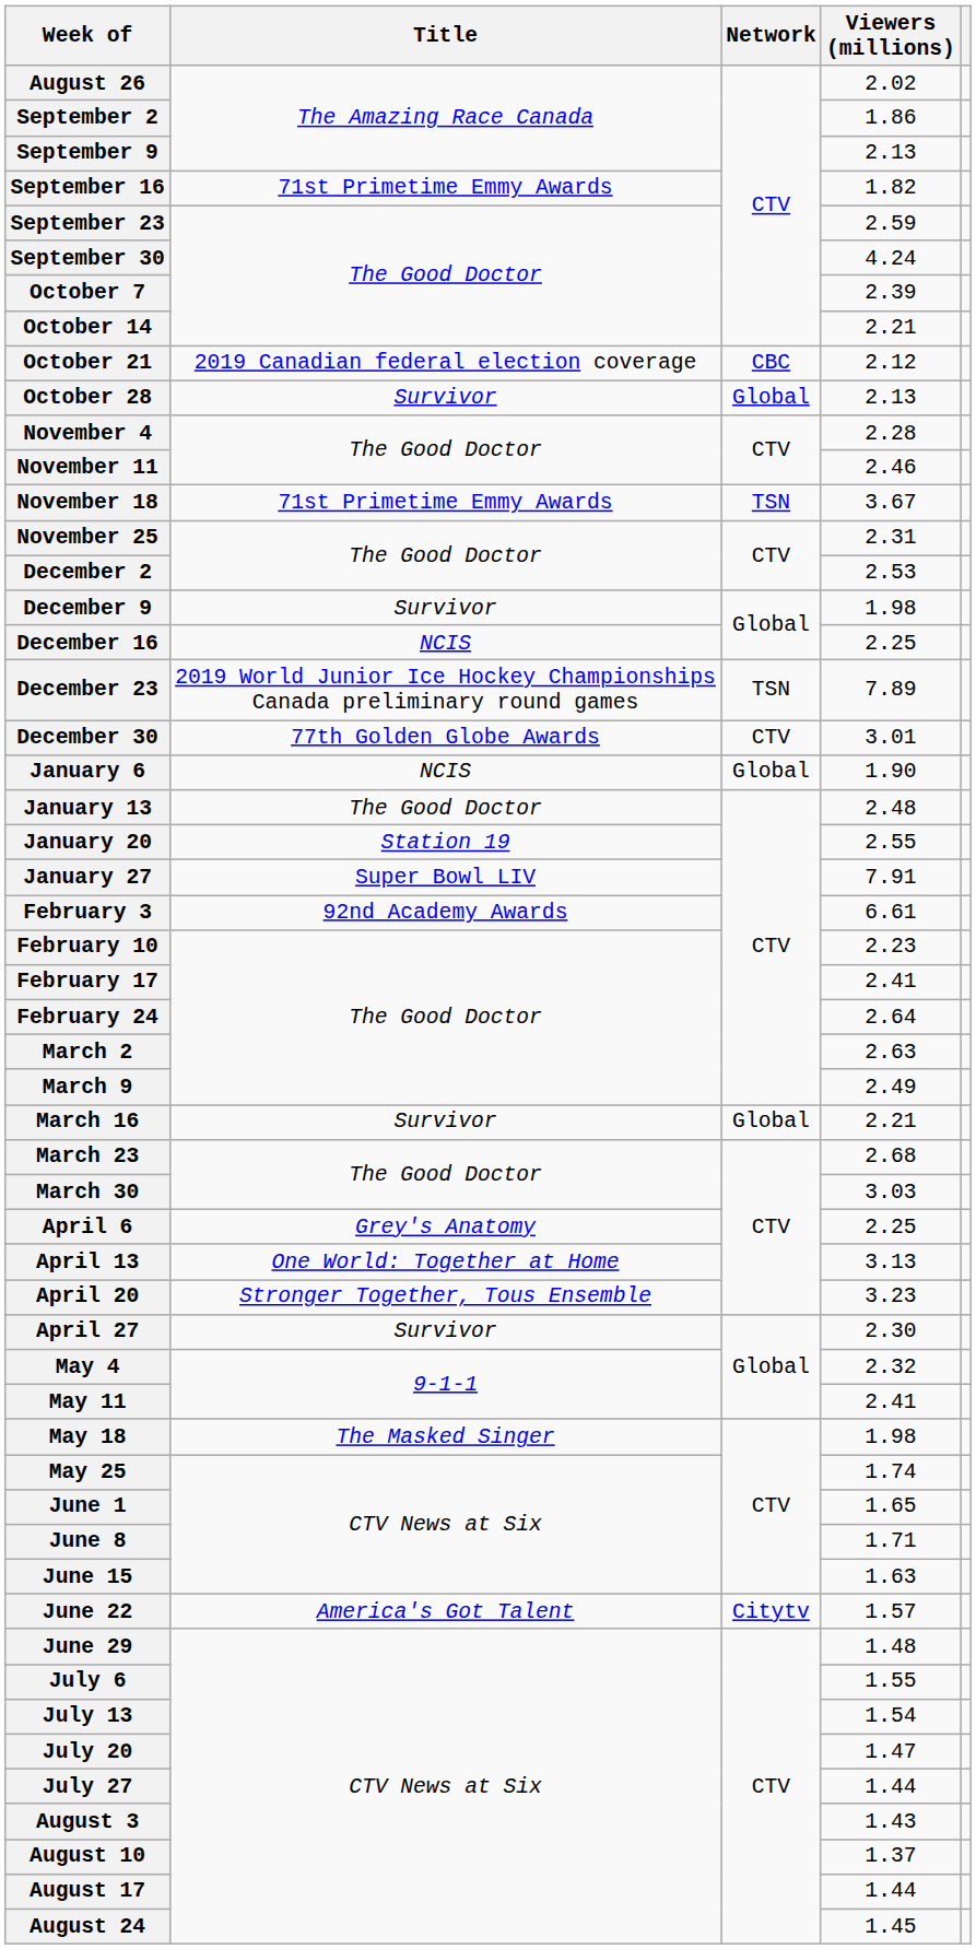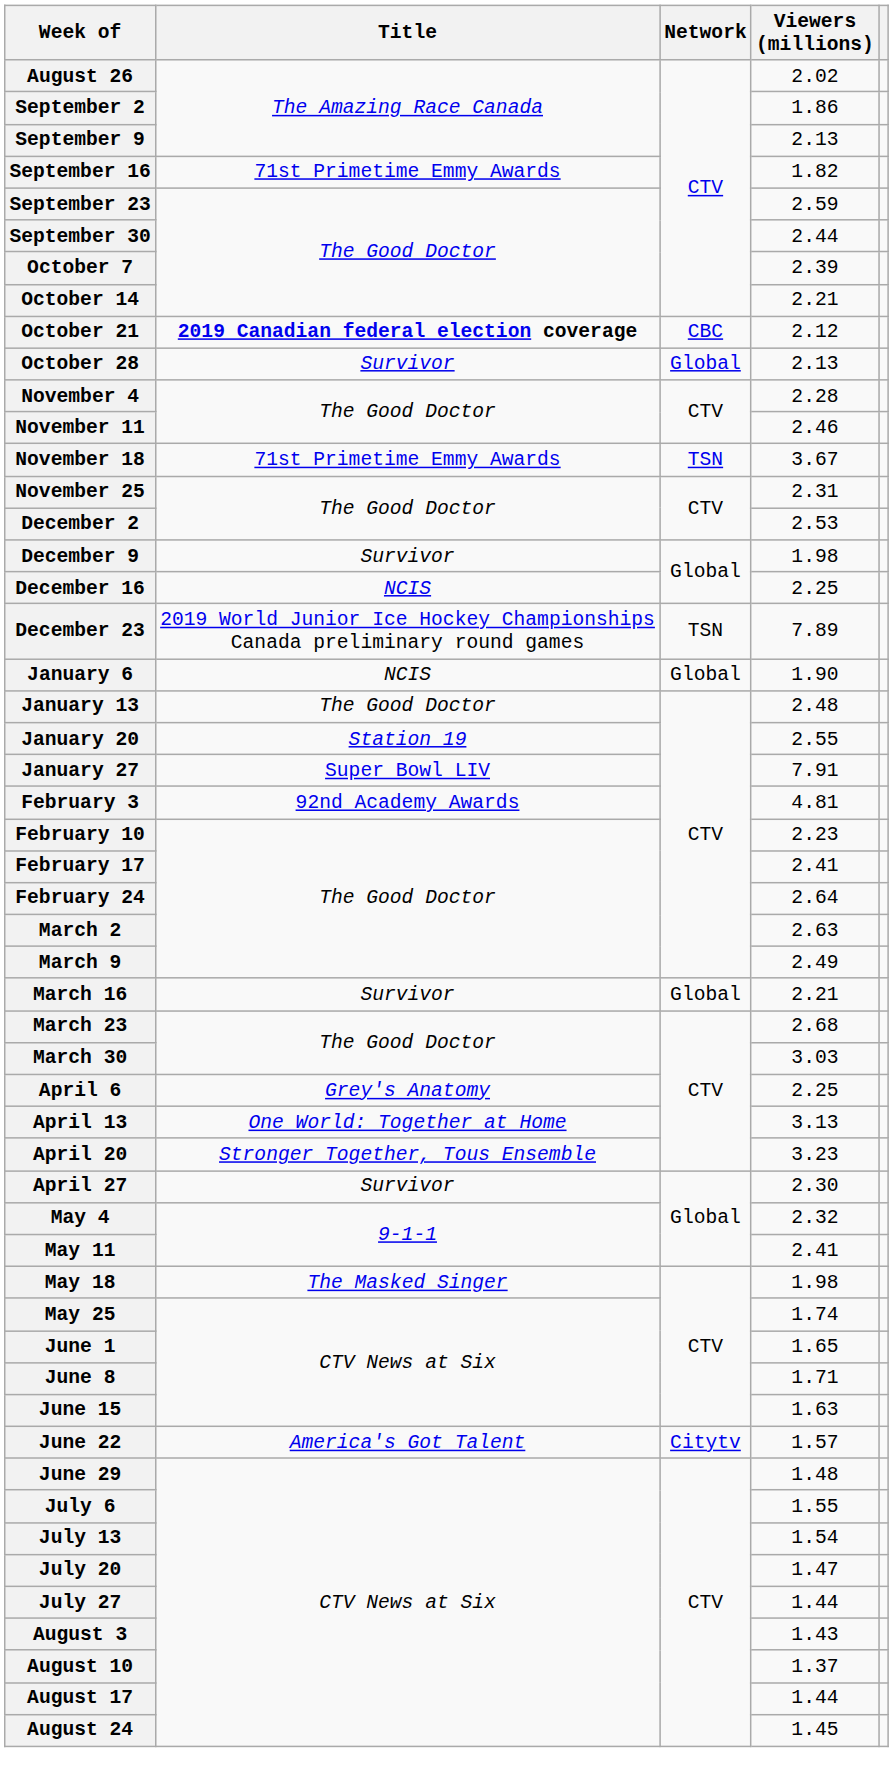 <table class="wikitable plainrowheaders" style="text-align: center; display: inline-table;">
 <tr>
 <th>Week of</th>
 <th>Title</th>
 <th>Network</th>
 <th>Viewers<br>(millions)</th>
 <th></th>
 </tr>
 <tr>
 <th scope="row">August 26</th>
 <td rowspan="3"><em><a href='#'>The Amazing Race Canada</a></em></td>
 <td rowspan="8"><a href='#'>CTV</a></td>
 <td>2.02</td>
 <td></td>
 </tr>
 <tr>
 <th scope="row">September 2</th>
 <td>1.86</td>
 <td></td>
 </tr>
 <tr>
 <th scope="row">September 9</th>
 <td>2.13</td>
 <td></td>
 </tr>
 <tr>
 <th scope="row">September 16</th>
 <td><a href='#'>71st Primetime Emmy Awards</a></td>
 <td>1.82</td>
 <td></td>
 </tr>
 <tr>
 <th scope="row">September 23</th>
 <td rowspan="4"><em><a href='#'>The Good Doctor</a></em></td>
 <td>2.59</td>
 <td></td>
 </tr>
 <tr>
 <th scope="row">September 30</th>
-<td>4.24</td>
+<td>2.44</td>
 <td></td>
 </tr>
 <tr>
 <th scope="row">October 7</th>
 <td>2.39</td>
 <td></td>
 </tr>
 <tr>
 <th scope="row">October 14</th>
 <td>2.21</td>
 <td></td>
 </tr>
 <tr>
 <th scope="row">October 21</th>
-<td><a href='#'>2019 Canadian federal election</a> coverage</td>
+<td><strong><a href='#'>2019 Canadian federal election</a> coverage</strong></td>
 <td><a href='#'>CBC</a></td>
 <td>2.12</td>
 <td></td>
 </tr>
 <tr>
 <th scope="row">October 28</th>
 <td><em><a href='#'>Survivor</a></em></td>
 <td><a href='#'>Global</a></td>
 <td>2.13</td>
 <td></td>
 </tr>
 <tr>
 <th scope="row">November 4</th>
 <td rowspan="2"><em>The Good Doctor</em></td>
 <td rowspan="2">CTV</td>
 <td>2.28</td>
 <td></td>
 </tr>
 <tr>
 <th scope="row">November 11</th>
 <td>2.46</td>
 <td></td>
 </tr>
 <tr>
 <th scope="row">November 18</th>
 <td><a href='#'>71st Primetime Emmy Awards</a></td>
 <td><a href='#'>TSN</a></td>
 <td>3.67</td>
 <td></td>
 </tr>
 <tr>
 <th scope="row">November 25</th>
 <td rowspan="2"><em>The Good Doctor</em></td>
 <td rowspan="2">CTV</td>
 <td>2.31</td>
 <td></td>
 </tr>
 <tr>
 <th scope="row">December 2</th>
 <td>2.53</td>
 <td></td>
 </tr>
 <tr>
 <th scope="row">December 9</th>
 <td><em>Survivor</em></td>
 <td rowspan="2">Global</td>
 <td>1.98</td>
 <td></td>
 </tr>
 <tr>
 <th scope="row">December 16</th>
 <td><em><a href='#'>NCIS</a></em></td>
 <td>2.25</td>
 <td></td>
 </tr>
 <tr>
 <th scope="row">December 23</th>
 <td><a href='#'>2019 World Junior Ice Hockey Championships</a><br>Canada preliminary round games</td>
 <td>TSN</td>
 <td>7.89</td>
 <td></td>
 </tr>
 <tr>
-<th scope="row">December 30</th>
-<td><a href='#'>77th Golden Globe Awards</a></td>
-<td>CTV</td>
-<td>3.01</td>
-<td></td>
-</tr>
-<tr>
 <th scope="row">January 6</th>
 <td><em>NCIS</em></td>
 <td>Global</td>
 <td>1.90</td>
 <td></td>
 </tr>
 <tr>
 <th scope="row">January 13</th>
 <td><em>The Good Doctor</em></td>
 <td rowspan="9">CTV</td>
 <td>2.48</td>
 <td></td>
 </tr>
 <tr>
 <th scope="row">January 20</th>
 <td><em><a href='#'>Station 19</a></em></td>
 <td>2.55</td>
 <td></td>
 </tr>
 <tr>
 <th scope="row">January 27</th>
 <td><a href='#'>Super Bowl LIV</a></td>
 <td>7.91</td>
 <td></td>
 </tr>
 <tr>
 <th scope="row">February 3</th>
 <td><a href='#'>92nd Academy Awards</a></td>
-<td>6.61</td>
+<td>4.81</td>
 <td></td>
 </tr>
 <tr>
 <th scope="row">February 10</th>
 <td rowspan="5"><em>The Good Doctor</em></td>
 <td>2.23</td>
 <td></td>
 </tr>
 <tr>
 <th scope="row">February 17</th>
 <td>2.41</td>
 <td></td>
 </tr>
 <tr>
 <th scope="row">February 24</th>
 <td>2.64</td>
 <td></td>
 </tr>
 <tr>
 <th scope="row">March 2</th>
 <td>2.63</td>
 <td></td>
 </tr>
 <tr>
 <th scope="row">March 9</th>
 <td>2.49</td>
 <td></td>
 </tr>
 <tr>
 <th scope="row">March 16</th>
 <td><em>Survivor</em></td>
 <td>Global</td>
 <td>2.21</td>
 <td></td>
 </tr>
 <tr>
 <th scope="row">March 23</th>
 <td rowspan="2"><em>The Good Doctor</em></td>
 <td rowspan="5">CTV</td>
 <td>2.68</td>
 <td></td>
 </tr>
 <tr>
 <th scope="row">March 30</th>
 <td>3.03</td>
 <td></td>
 </tr>
 <tr>
 <th scope="row">April 6</th>
 <td><em><a href='#'>Grey's Anatomy</a></em></td>
 <td>2.25</td>
 <td></td>
 </tr>
 <tr>
 <th scope="row">April 13</th>
 <td><em><a href='#'>One World: Together at Home</a></em></td>
 <td>3.13</td>
 <td></td>
 </tr>
 <tr>
 <th scope="row">April 20</th>
 <td><em><a href='#'>Stronger Together, Tous Ensemble</a></em></td>
 <td>3.23</td>
 <td></td>
 </tr>
 <tr>
 <th scope="row">April 27</th>
 <td><em>Survivor</em></td>
 <td rowspan="3">Global</td>
 <td>2.30</td>
 <td></td>
 </tr>
 <tr>
 <th scope="row">May 4</th>
 <td rowspan="2"><em><a href='#'>9-1-1</a></em></td>
 <td>2.32</td>
 <td></td>
 </tr>
 <tr>
 <th scope="row">May 11</th>
 <td>2.41</td>
 <td></td>
 </tr>
 <tr>
 <th scope="row">May 18</th>
 <td><em><a href='#'>The Masked Singer</a></em></td>
 <td rowspan="5">CTV</td>
 <td>1.98</td>
 <td></td>
 </tr>
 <tr>
 <th scope="row">May 25</th>
 <td rowspan="4"><em>CTV News at Six</em></td>
 <td>1.74</td>
 <td></td>
 </tr>
 <tr>
 <th scope="row">June 1</th>
 <td>1.65</td>
 <td></td>
 </tr>
 <tr>
 <th scope="row">June 8</th>
 <td>1.71</td>
 <td></td>
 </tr>
 <tr>
 <th scope="row">June 15</th>
 <td>1.63</td>
 <td></td>
 </tr>
 <tr>
 <th scope="row">June 22</th>
 <td><em><a href='#'>America's Got Talent</a></em></td>
 <td><a href='#'>Citytv</a></td>
 <td>1.57</td>
 <td></td>
 </tr>
 <tr>
 <th scope="row">June 29</th>
 <td rowspan="9"><em>CTV News at Six</em></td>
 <td rowspan="9">CTV</td>
 <td>1.48</td>
 <td></td>
 </tr>
 <tr>
 <th scope="row">July 6</th>
 <td>1.55</td>
 <td></td>
 </tr>
 <tr>
 <th scope="row">July 13</th>
 <td>1.54</td>
 <td></td>
 </tr>
 <tr>
 <th scope="row">July 20</th>
 <td>1.47</td>
 <td></td>
 </tr>
 <tr>
 <th scope="row">July 27</th>
 <td>1.44</td>
 <td></td>
 </tr>
 <tr>
 <th scope="row">August 3</th>
 <td>1.43</td>
 <td></td>
 </tr>
 <tr>
 <th scope="row">August 10</th>
 <td>1.37</td>
 <td></td>
 </tr>
 <tr>
 <th scope="row">August 17</th>
 <td>1.44</td>
 <td></td>
 </tr>
 <tr>
 <th scope="row">August 24</th>
 <td>1.45</td>
 <td></td>
 </tr>
 </table>
